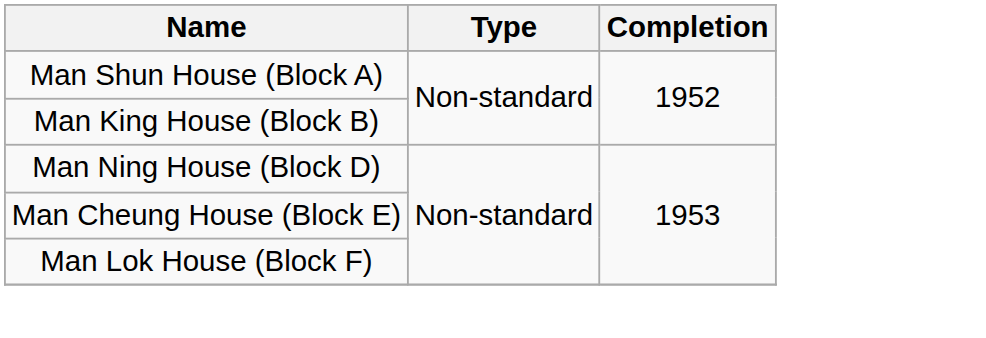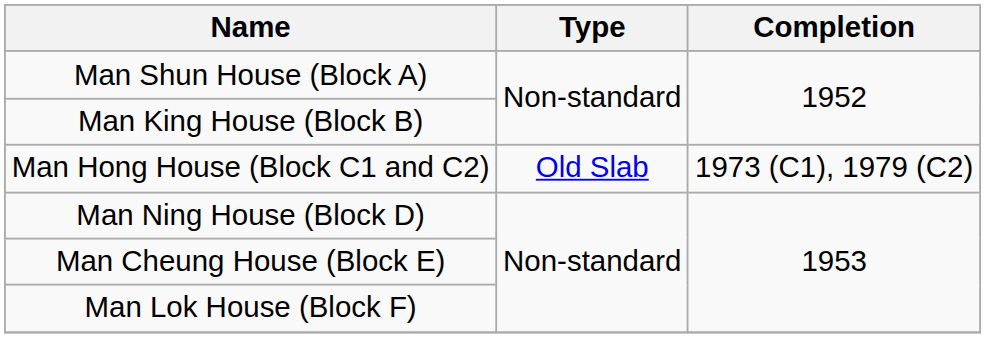 <table class="wikitable" style="text-align: center">
 <tr>
 <th>Name</th>
 <th>Type</th>
 <th>Completion</th>
 </tr>
 <tr>
 <td>Man Shun House (Block A)</td>
 <td rowspan="2">Non-standard</td>
 <td rowspan="2">1952</td>
 </tr>
 <tr>
 <td>Man King House (Block B)</td>
 </tr>
 <tr>
+<td>Man Hong House (Block C1 and C2)</td>
+<td><a href='#'>Old Slab</a></td>
+<td>1973 (C1),  1979 (C2)</td>
+</tr>
+<tr>
 <td>Man Ning House (Block D)</td>
 <td rowspan="3">Non-standard</td>
 <td rowspan="3">1953</td>
 </tr>
 <tr>
 <td>Man Cheung House (Block E)</td>
 </tr>
 <tr>
 <td>Man Lok House (Block F)</td>
 </tr>
 <tr>
 </tr>
 </table>
